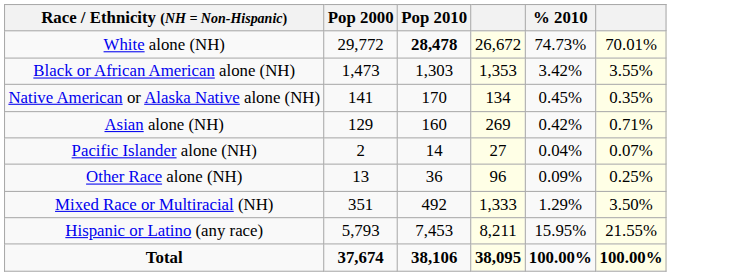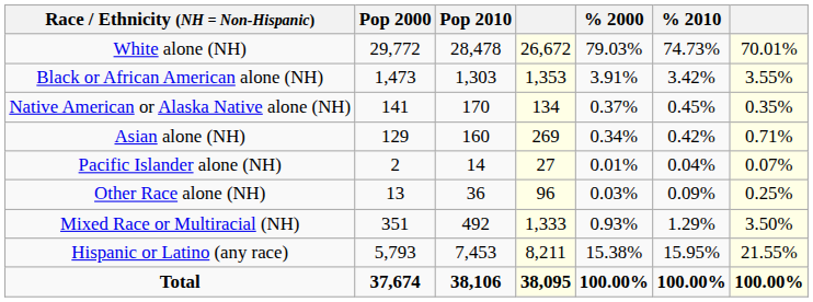 <table class="wikitable" style="text-align:center;">
 <tr>
 <th>Race / Ethnicity <small>(<em>NH = Non-Hispanic</em>)</small></th>
 <th>Pop 2000</th>
 <th>Pop 2010</th>
 <th></th>
+<th>% 2000</th>
 <th>% 2010</th>
 <th></th>
 </tr>
 <tr>
 <td><a href='#'>White</a> alone (NH)</td>
 <td>29,772</td>
-<td><strong>28,478</strong></td>
+<td>28,478</td>
 <td style='background: #ffffe6;'>26,672</td>
+<td>79.03%</td>
 <td>74.73%</td>
 <td style='background: #ffffe6;'>70.01%</td>
 </tr>
 <tr>
 <td><a href='#'>Black or African American</a> alone (NH)</td>
 <td>1,473</td>
 <td>1,303</td>
 <td style='background: #ffffe6;'>1,353</td>
+<td>3.91%</td>
 <td>3.42%</td>
 <td style='background: #ffffe6;'>3.55%</td>
 </tr>
 <tr>
 <td><a href='#'>Native American</a> or <a href='#'>Alaska Native</a> alone (NH)</td>
 <td>141</td>
 <td>170</td>
 <td style='background: #ffffe6;'>134</td>
+<td>0.37%</td>
 <td>0.45%</td>
 <td style='background: #ffffe6;'>0.35%</td>
 </tr>
 <tr>
 <td><a href='#'>Asian</a> alone (NH)</td>
 <td>129</td>
 <td>160</td>
 <td style='background: #ffffe6;'>269</td>
+<td>0.34%</td>
 <td>0.42%</td>
 <td style='background: #ffffe6;'>0.71%</td>
 </tr>
 <tr>
 <td><a href='#'>Pacific Islander</a> alone (NH)</td>
 <td>2</td>
 <td>14</td>
 <td style='background: #ffffe6;'>27</td>
+<td>0.01%</td>
 <td>0.04%</td>
 <td style='background: #ffffe6;'>0.07%</td>
 </tr>
 <tr>
 <td><a href='#'>Other Race</a> alone (NH)</td>
 <td>13</td>
 <td>36</td>
 <td style='background: #ffffe6;'>96</td>
+<td>0.03%</td>
 <td>0.09%</td>
 <td style='background: #ffffe6;'>0.25%</td>
 </tr>
 <tr>
 <td><a href='#'>Mixed Race or Multiracial</a> (NH)</td>
 <td>351</td>
 <td>492</td>
 <td style='background: #ffffe6;'>1,333</td>
+<td>0.93%</td>
 <td>1.29%</td>
 <td style='background: #ffffe6;'>3.50%</td>
 </tr>
 <tr>
 <td><a href='#'>Hispanic or Latino</a> (any race)</td>
 <td>5,793</td>
 <td>7,453</td>
 <td style='background: #ffffe6;'>8,211</td>
+<td>15.38%</td>
 <td>15.95%</td>
 <td style='background: #ffffe6;'>21.55%</td>
 </tr>
 <tr>
 <td><strong>Total</strong></td>
 <td><strong>37,674</strong></td>
 <td><strong>38,106</strong></td>
 <td style='background: #ffffe6;'><strong>38,095</strong></td>
 <td><strong>100.00%</strong></td>
+<td><strong>100.00%</strong></td>
 <td style='background: #ffffe6;'><strong>100.00%</strong></td>
 </tr>
 </table>
